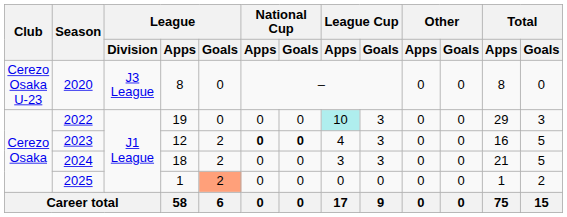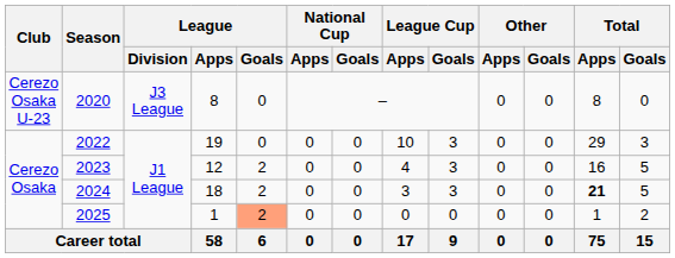 <table class="wikitable" style="text-align: center">
 <tr>
 <th rowspan="2">Club</th>
 <th rowspan="2">Season</th>
 <th colspan="3">League</th>
 <th colspan="2">National Cup</th>
 <th colspan="2">League Cup</th>
 <th colspan="2">Other</th>
 <th colspan="2">Total</th>
 </tr>
 <tr>
 <th>Division</th>
 <th>Apps</th>
 <th>Goals</th>
 <th>Apps</th>
 <th>Goals</th>
 <th>Apps</th>
 <th>Goals</th>
 <th>Apps</th>
 <th>Goals</th>
 <th>Apps</th>
 <th>Goals</th>
 </tr>
 <tr>
 <td><a href='#'>Cerezo Osaka U-23</a></td>
 <td><a href='#'>2020</a></td>
 <td><a href='#'>J3 League</a></td>
 <td>8</td>
 <td>0</td>
 <td colspan="4">–</td>
 <td>0</td>
 <td>0</td>
 <td>8</td>
 <td>0</td>
 </tr>
 <tr>
 <td rowspan="4"><a href='#'>Cerezo Osaka</a></td>
 <td><a href='#'>2022</a></td>
 <td rowspan="4"><a href='#'>J1 League</a></td>
 <td>19</td>
 <td>0</td>
 <td>0</td>
 <td>0</td>
-<td style="background: paleturquoise;">10</td>
+<td>10</td>
 <td>3</td>
 <td>0</td>
 <td>0</td>
 <td>29</td>
 <td>3</td>
 </tr>
 <tr>
 <td><a href='#'>2023</a></td>
 <td>12</td>
 <td>2</td>
-<td><strong>0</strong></td>
-<td><strong>0</strong></td>
+<td>0</td>
+<td>0</td>
 <td>4</td>
 <td>3</td>
 <td>0</td>
 <td>0</td>
 <td>16</td>
 <td>5</td>
 </tr>
 <tr>
 <td><a href='#'>2024</a></td>
 <td>18</td>
 <td>2</td>
 <td>0</td>
 <td>0</td>
 <td>3</td>
 <td>3</td>
 <td>0</td>
 <td>0</td>
-<td>21</td>
+<td><strong>21</strong></td>
 <td>5</td>
 </tr>
 <tr>
 <td><a href='#'>2025</a></td>
 <td>1</td>
 <td style="background: lightsalmon;">2</td>
 <td>0</td>
 <td>0</td>
 <td>0</td>
 <td>0</td>
 <td>0</td>
 <td>0</td>
 <td>1</td>
 <td>2</td>
 </tr>
 <tr>
 <th colspan=3>Career total</th>
 <th>58</th>
 <th>6</th>
 <th>0</th>
 <th>0</th>
 <th>17</th>
 <th>9</th>
 <th>0</th>
 <th>0</th>
 <th>75</th>
 <th>15</th>
 </tr>
 </table>
